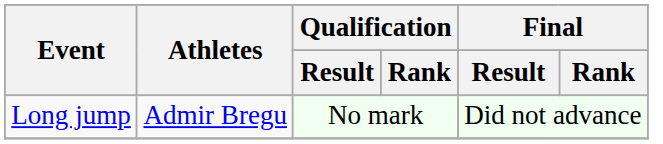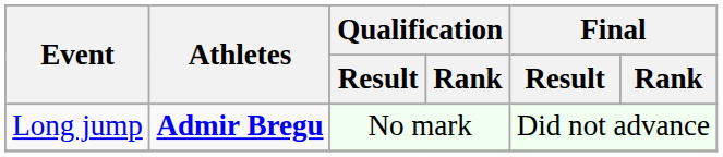 <table class="wikitable" border="1" style="font-size:90%">
 <tr>
 <th rowspan=2>Event</th>
 <th rowspan=2>Athletes</th>
 <th colspan=2>Qualification</th>
 <th colspan=2>Final</th>
 </tr>
 <tr>
 <th>Result</th>
 <th>Rank</th>
 <th>Result</th>
 <th>Rank</th>
 </tr>
 <tr>
 <td><a href='#'>Long jump</a></td>
-<td><a href='#'>Admir Bregu</a></td>
+<td><strong><a href='#'>Admir Bregu</a></strong></td>
 <td colspan=2 align=center bgcolor=honeydew>No mark</td>
 <td colspan=2 bgcolor=honeydew>Did not advance</td>
 </tr>
 <tr>
 </tr>
 </table>
